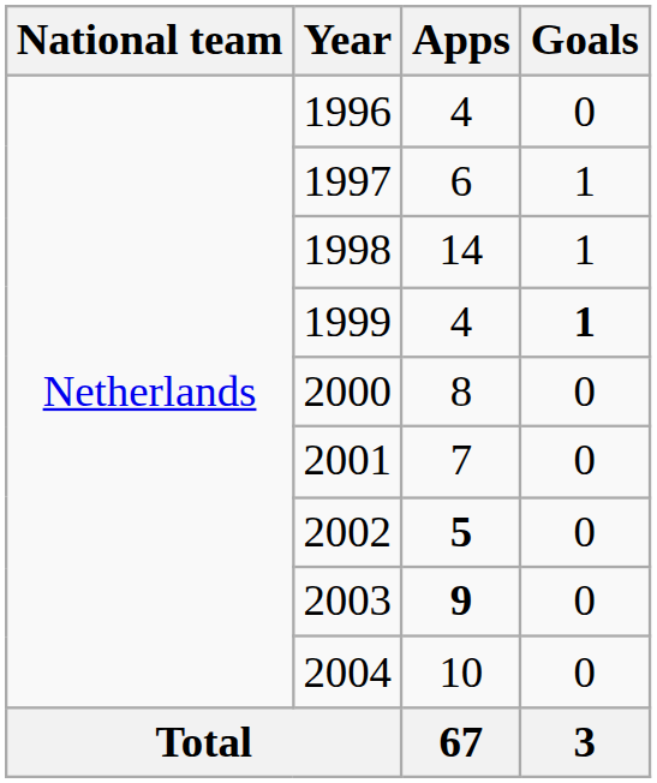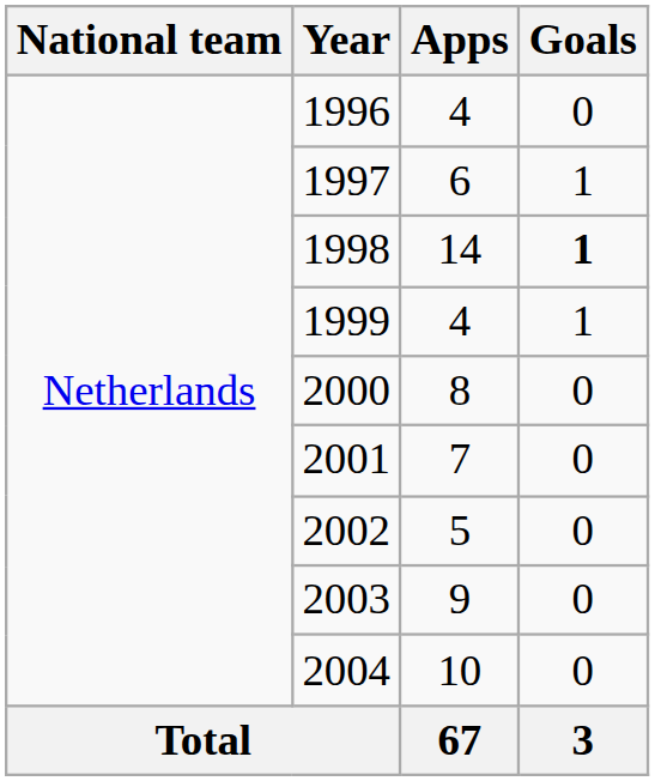 <table class="wikitable" style="text-align:center">
 <tr>
 <th>National team</th>
 <th>Year</th>
 <th>Apps</th>
 <th>Goals</th>
 </tr>
 <tr>
 <td rowspan="9"><a href='#'>Netherlands</a></td>
 <td>1996</td>
 <td>4</td>
 <td>0</td>
 </tr>
 <tr>
 <td>1997</td>
 <td>6</td>
 <td>1</td>
 </tr>
 <tr>
 <td>1998</td>
 <td>14</td>
-<td>1</td>
+<td><strong>1</strong></td>
 </tr>
 <tr>
 <td>1999</td>
 <td>4</td>
-<td><strong>1</strong></td>
+<td>1</td>
 </tr>
 <tr>
 <td>2000</td>
 <td>8</td>
 <td>0</td>
 </tr>
 <tr>
 <td>2001</td>
 <td>7</td>
 <td>0</td>
 </tr>
 <tr>
 <td>2002</td>
-<td><strong>5</strong></td>
+<td>5</td>
 <td>0</td>
 </tr>
 <tr>
 <td>2003</td>
-<td><strong>9</strong></td>
+<td>9</td>
 <td>0</td>
 </tr>
 <tr>
 <td>2004</td>
 <td>10</td>
 <td>0</td>
 </tr>
 <tr>
 <th colspan="2">Total</th>
 <th>67</th>
 <th>3</th>
 </tr>
 </table>
